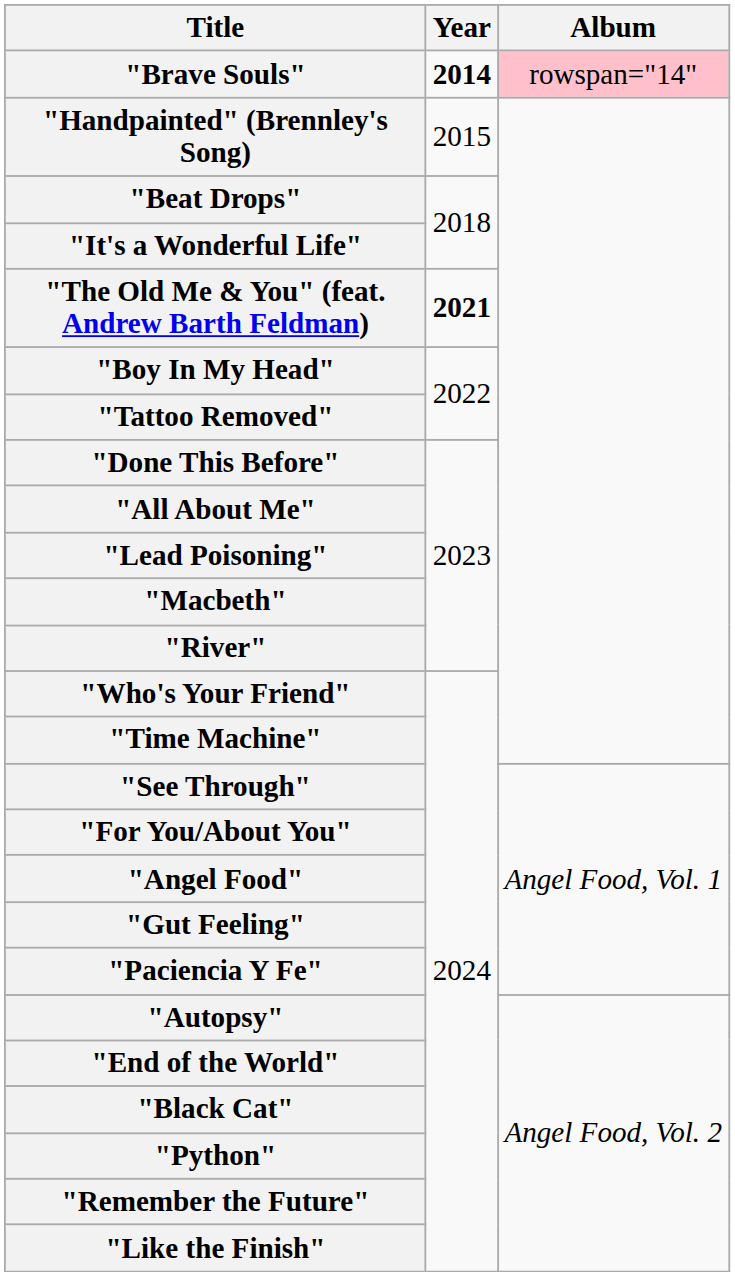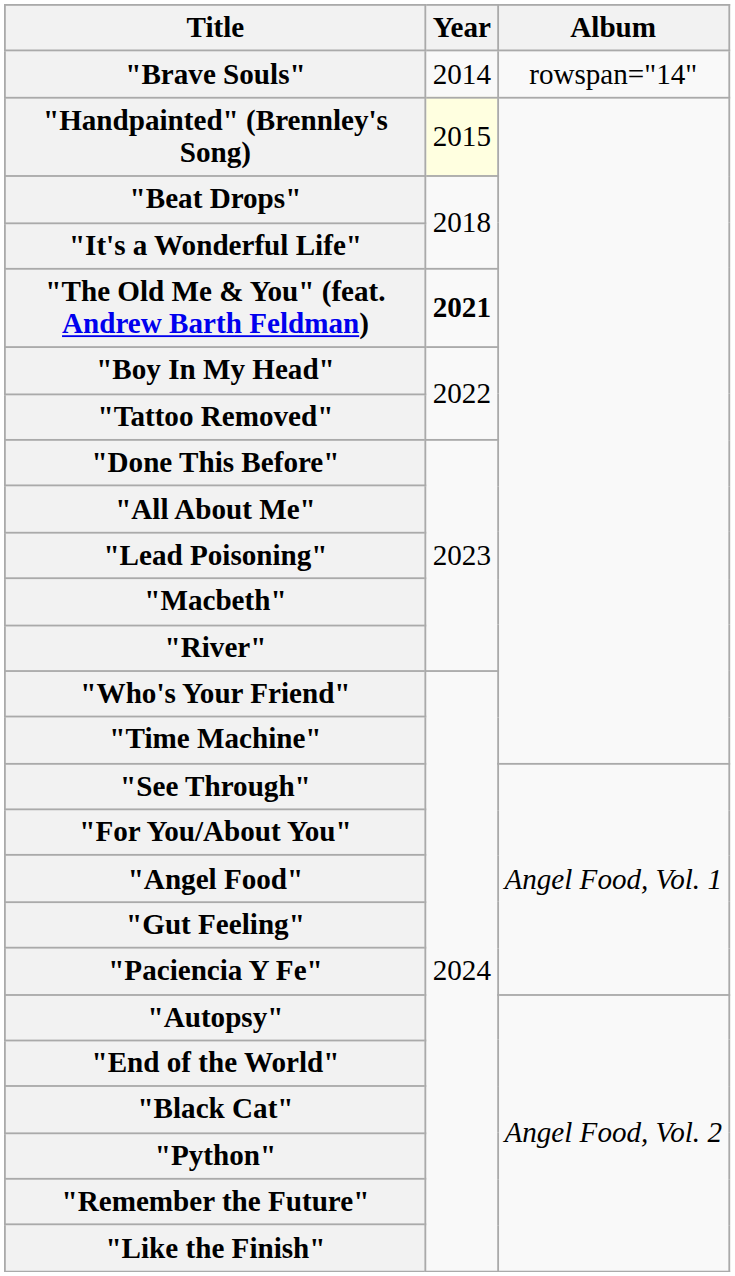 <table class="wikitable plainrowheaders" style="text-align:center;">
 <tr>
 <th style="width:14em;">Title</th>
 <th>Year</th>
 <th>Album</th>
 </tr>
 <tr>
 <th scope="row">"Brave Souls"</th>
-<td><strong>2014</strong></td>
-<td style="background: pink;">rowspan="14" </td>
+<td>2014</td>
+<td>rowspan="14" </td>
 </tr>
 <tr>
 <th scope="row">"Handpainted" (Brennley's Song)</th>
-<td>2015</td>
+<td style="background: lightyellow;">2015</td>
 </tr>
 <tr>
 <th scope="row">"Beat Drops"</th>
 <td rowspan="2">2018</td>
 </tr>
 <tr>
 <th scope="row">"It's a Wonderful Life"</th>
 </tr>
 <tr>
 <th scope="row">"The Old Me & You" (feat. <a href='#'>Andrew Barth Feldman</a>)</th>
 <td><strong>2021</strong></td>
 </tr>
 <tr>
 <th scope="row">"Boy In My Head"</th>
 <td rowspan="2">2022</td>
 </tr>
 <tr>
 <th scope="row">"Tattoo Removed"</th>
 </tr>
 <tr>
 <th scope="row">"Done This Before"</th>
 <td rowspan="5">2023</td>
 </tr>
 <tr>
 <th scope="row">"All About Me"</th>
 </tr>
 <tr>
 <th scope="row">"Lead Poisoning"</th>
 </tr>
 <tr>
 <th scope="row">"Macbeth"</th>
 </tr>
 <tr>
 <th scope="row">"River"</th>
 </tr>
 <tr>
 <th scope="row">"Who's Your Friend"</th>
 <td rowspan="14">2024</td>
 </tr>
 <tr>
 <th scope="row">"Time Machine"</th>
 </tr>
 <tr>
 <th scope="row">"See Through"</th>
 <td rowspan="5"><em>Angel Food, Vol. 1</em></td>
 </tr>
 <tr>
 <th scope="row">"For You/About You"</th>
 </tr>
 <tr>
 <th scope="row">"Angel Food"</th>
 </tr>
 <tr>
 <th scope="row">"Gut Feeling"</th>
 </tr>
 <tr>
 <th scope="row">"Paciencia Y Fe"</th>
 </tr>
 <tr>
 <th scope="row">"Autopsy"</th>
 <td rowspan="6"><em>Angel Food, Vol. 2</em></td>
 </tr>
 <tr>
 <th scope="row">"End of the World"</th>
 </tr>
 <tr>
 <th scope="row">"Black Cat"</th>
 </tr>
 <tr>
 <th scope="row">"Python"</th>
 </tr>
 <tr>
 <th scope="row">"Remember the Future"</th>
 </tr>
 <tr>
 <th scope="row">"Like the Finish"</th>
 </tr>
 </table>
